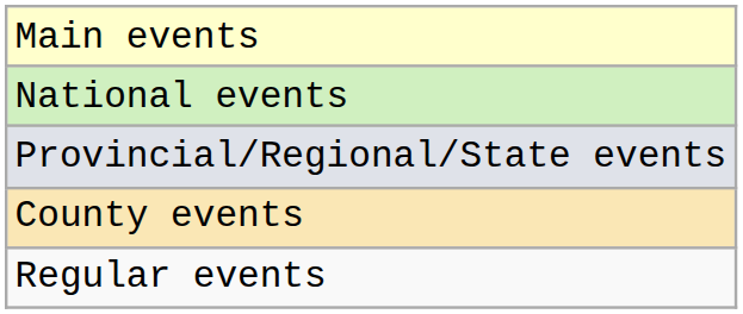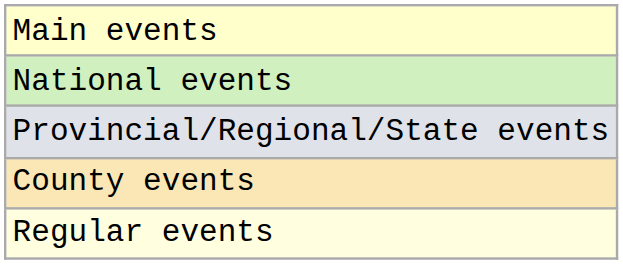 <table class="wikitable">
 <tr style="background:#ffc;">
 <td>Main events </td>
 </tr>
 <tr style="background:#d0f0c0">
 <td>National events</td>
 </tr>
 <tr style="background:#dfe2e9">
 <td>Provincial/Regional/State events</td>
 </tr>
 <tr style="background:#fae7b5">
 <td>County events</td>
 </tr>
 <tr>
-<td>Regular events</td>
+<td style="background: lightyellow;">Regular events</td>
 </tr>
 </table>
